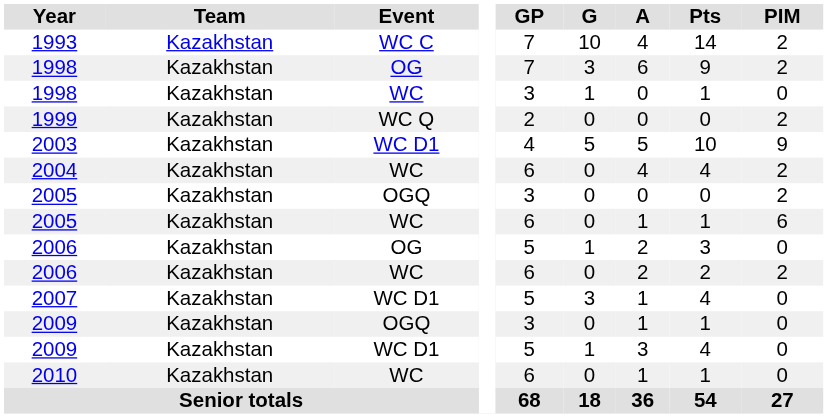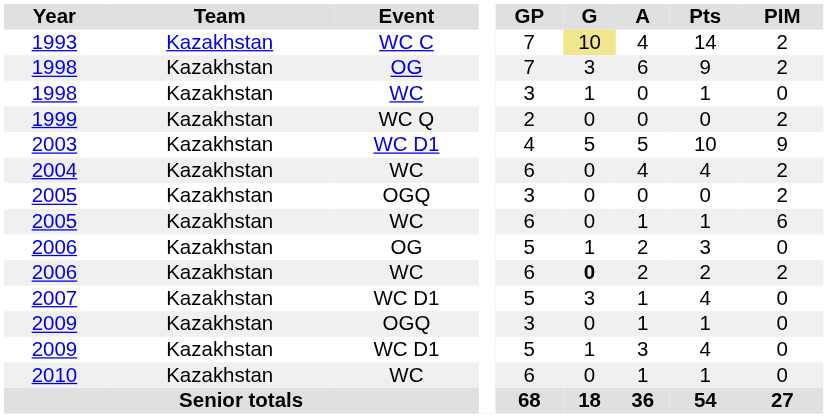 <table border="0" cellpadding="1" cellspacing="0" style="text-align:center; width:40em">
 <tr ALIGN="center" bgcolor="#e0e0e0">
 <th>Year</th>
 <th>Team</th>
 <th>Event</th>
 <th rowspan="99" bgcolor="#ffffff"> </th>
 <th>GP</th>
 <th>G</th>
 <th>A</th>
 <th>Pts</th>
 <th>PIM</th>
 </tr>
 <tr>
 <td><a href='#'>1993</a></td>
 <td><a href='#'>Kazakhstan</a></td>
 <td><a href='#'>WC C</a></td>
 <td>7</td>
-<td>10</td>
+<td style="background: khaki;">10</td>
 <td>4</td>
 <td>14</td>
 <td>2</td>
 </tr>
 <tr bgcolor="#f0f0f0">
 <td><a href='#'>1998</a></td>
 <td>Kazakhstan</td>
 <td><a href='#'>OG</a></td>
 <td>7</td>
 <td>3</td>
 <td>6</td>
 <td>9</td>
 <td>2</td>
 </tr>
 <tr>
 <td><a href='#'>1998</a></td>
 <td>Kazakhstan</td>
 <td><a href='#'>WC</a></td>
 <td>3</td>
 <td>1</td>
 <td>0</td>
 <td>1</td>
 <td>0</td>
 </tr>
 <tr bgcolor="#f0f0f0">
 <td><a href='#'>1999</a></td>
 <td>Kazakhstan</td>
 <td>WC Q</td>
 <td>2</td>
 <td>0</td>
 <td>0</td>
 <td>0</td>
 <td>2</td>
 </tr>
 <tr>
 <td><a href='#'>2003</a></td>
 <td>Kazakhstan</td>
 <td><a href='#'>WC D1</a></td>
 <td>4</td>
 <td>5</td>
 <td>5</td>
 <td>10</td>
 <td>9</td>
 </tr>
 <tr bgcolor="#f0f0f0">
 <td><a href='#'>2004</a></td>
 <td>Kazakhstan</td>
 <td>WC</td>
 <td>6</td>
 <td>0</td>
 <td>4</td>
 <td>4</td>
 <td>2</td>
 </tr>
 <tr>
 <td><a href='#'>2005</a></td>
 <td>Kazakhstan</td>
 <td>OGQ</td>
 <td>3</td>
 <td>0</td>
 <td>0</td>
 <td>0</td>
 <td>2</td>
 </tr>
 <tr bgcolor="#f0f0f0">
 <td><a href='#'>2005</a></td>
 <td>Kazakhstan</td>
 <td>WC</td>
 <td>6</td>
 <td>0</td>
 <td>1</td>
 <td>1</td>
 <td>6</td>
 </tr>
 <tr>
 <td><a href='#'>2006</a></td>
 <td>Kazakhstan</td>
 <td>OG</td>
 <td>5</td>
 <td>1</td>
 <td>2</td>
 <td>3</td>
 <td>0</td>
 </tr>
 <tr bgcolor="#f0f0f0">
 <td><a href='#'>2006</a></td>
 <td>Kazakhstan</td>
 <td>WC</td>
 <td>6</td>
-<td>0</td>
+<td><strong>0</strong></td>
 <td>2</td>
 <td>2</td>
 <td>2</td>
 </tr>
 <tr>
 <td><a href='#'>2007</a></td>
 <td>Kazakhstan</td>
 <td>WC D1</td>
 <td>5</td>
 <td>3</td>
 <td>1</td>
 <td>4</td>
 <td>0</td>
 </tr>
 <tr bgcolor="#f0f0f0">
 <td><a href='#'>2009</a></td>
 <td>Kazakhstan</td>
 <td>OGQ</td>
 <td>3</td>
 <td>0</td>
 <td>1</td>
 <td>1</td>
 <td>0</td>
 </tr>
 <tr>
 <td><a href='#'>2009</a></td>
 <td>Kazakhstan</td>
 <td>WC D1</td>
 <td>5</td>
 <td>1</td>
 <td>3</td>
 <td>4</td>
 <td>0</td>
 </tr>
 <tr bgcolor="#f0f0f0">
 <td><a href='#'>2010</a></td>
 <td>Kazakhstan</td>
 <td>WC</td>
 <td>6</td>
 <td>0</td>
 <td>1</td>
 <td>1</td>
 <td>0</td>
 </tr>
 <tr bgcolor="#e0e0e0">
 <th colspan=3>Senior totals</th>
 <th>68</th>
 <th>18</th>
 <th>36</th>
 <th>54</th>
 <th>27</th>
 </tr>
 </table>
